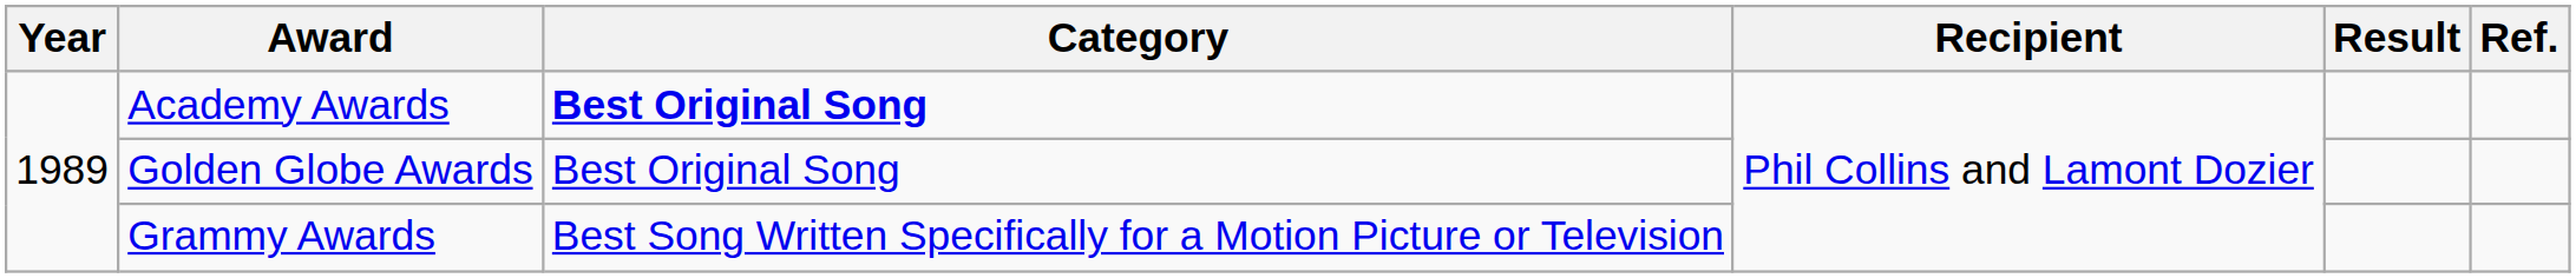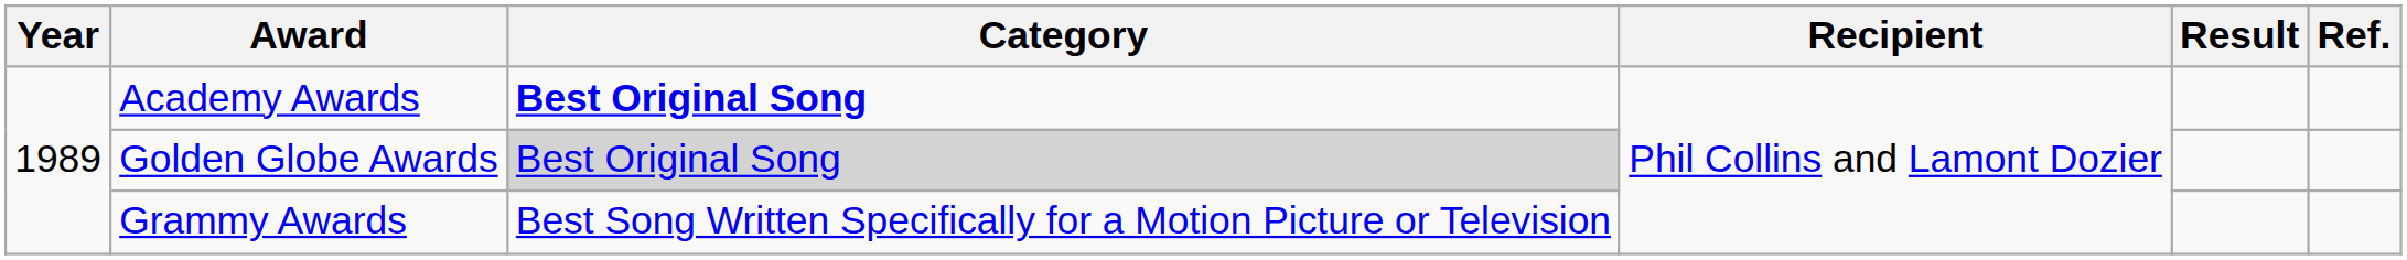 <table class="wikitable">
 <tr>
 <th>Year</th>
 <th>Award</th>
 <th>Category</th>
 <th>Recipient</th>
 <th>Result</th>
 <th>Ref.</th>
 </tr>
 <tr>
 <td align="left" rowspan="3">1989</td>
 <td><a href='#'>Academy Awards</a></td>
 <td><strong><a href='#'>Best Original Song</a></strong></td>
 <td align="left" rowspan="3"><a href='#'>Phil Collins</a> and <a href='#'>Lamont Dozier</a></td>
 <td></td>
 <td align="center"></td>
 </tr>
 <tr>
 <td><a href='#'>Golden Globe Awards</a></td>
-<td><a href='#'>Best Original Song</a></td>
+<td style="background: lightgrey;"><a href='#'>Best Original Song</a></td>
 <td></td>
 <td align="center"></td>
 </tr>
 <tr>
 <td><a href='#'>Grammy Awards</a></td>
 <td><a href='#'>Best Song Written Specifically for a Motion Picture or Television</a></td>
 <td></td>
 <td align="center"></td>
 </tr>
 </table>
